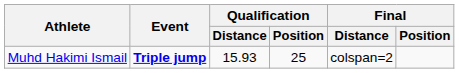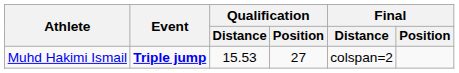 <table class=wikitable style="font-size:90%">
 <tr>
 <th rowspan="2">Athlete</th>
 <th rowspan="2">Event</th>
 <th colspan="2">Qualification</th>
 <th colspan="2">Final</th>
 </tr>
 <tr style="font-size:95%">
 <th>Distance</th>
 <th>Position</th>
 <th>Distance</th>
 <th>Position</th>
 </tr>
 <tr style=text-align:center>
 <td style=text-align:left><a href='#'>Muhd Hakimi Ismail</a></td>
 <td style=text-align:left><strong><a href='#'>Triple jump</a></strong></td>
-<td>15.93</td>
-<td>25</td>
+<td>15.53</td>
+<td>27</td>
 <td>colspan=2 </td>
 </tr>
 </table>
